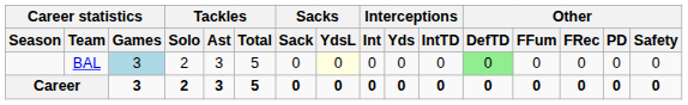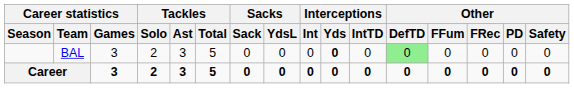 <table class="wikitable" style="text-align: center;">
 <tr>
 <th colspan="3">Career statistics</th>
 <th colspan="3">Tackles</th>
 <th colspan="2">Sacks</th>
 <th colspan="3">Interceptions</th>
 <th colspan="5">Other</th>
 </tr>
 <tr>
 <th>Season</th>
 <th>Team</th>
 <th>Games</th>
 <th>Solo</th>
 <th>Ast</th>
 <th>Total</th>
 <th>Sack</th>
 <th>YdsL</th>
 <th>Int</th>
 <th>Yds</th>
 <th>IntTD</th>
 <th>DefTD</th>
 <th>FFum</th>
 <th>FRec</th>
 <th>PD</th>
 <th>Safety</th>
 </tr>
 <tr>
 <td></td>
 <td><a href='#'>BAL</a></td>
-<td style="background: lightblue;">3</td>
+<td>3</td>
 <td>2</td>
 <td>3</td>
 <td>5</td>
 <td>0</td>
-<td style="background: lightyellow;">0</td>
 <td>0</td>
 <td>0</td>
+<td><strong>0</strong></td>
 <td>0</td>
 <td style="background: lightgreen;">0</td>
 <td>0</td>
 <td>0</td>
 <td>0</td>
 <td>0</td>
 </tr>
 <tr>
 <th colspan=2>Career</th>
 <td><strong>3</strong></td>
 <td><strong>2</strong></td>
 <td><strong>3</strong></td>
 <td><strong>5</strong></td>
 <td><strong>0</strong></td>
 <td><strong>0</strong></td>
 <td><strong>0</strong></td>
 <td><strong>0</strong></td>
 <td><strong>0</strong></td>
 <td><strong>0</strong></td>
 <td><strong>0</strong></td>
 <td><strong>0</strong></td>
 <td><strong>0</strong></td>
 <td><strong>0</strong></td>
 </tr>
 </table>
